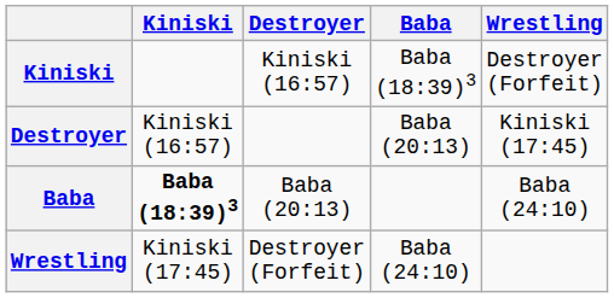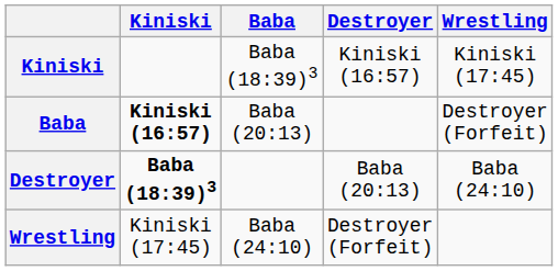 <table class="wikitable" style="margin: 1em auto 1em auto; text-align:center;">
 <tr>
 <th></th>
 <th><a href='#'>Kiniski</a></th>
+<th><a href='#'>Baba</a></th>
 <th><a href='#'>Destroyer</a></th>
-<th><a href='#'>Baba</a></th>
 <th><a href='#'>Wrestling</a></th>
 </tr>
 <tr>
 <th><a href='#'>Kiniski</a></th>
 <td></td>
+<td>Baba<br>(18:39)<sup>3</sup></td>
 <td>Kiniski<br>(16:57)</td>
-<td>Baba<br>(18:39)<sup>3</sup></td>
+<td>Kiniski<br>(17:45)</td>
+</tr>
+<tr>
+<th><a href='#'>Baba</a></th>
+<td><strong>Kiniski<br>(16:57)</strong></td>
+<td>Baba<br>(20:13)</td>
+<td></td>
 <td>Destroyer<br>(Forfeit)</td>
 </tr>
 <tr>
 <th><a href='#'>Destroyer</a></th>
-<td>Kiniski<br>(16:57)</td>
+<td><strong>Baba<br>(18:39)<sup>3</sup></strong></td>
 <td></td>
 <td>Baba<br>(20:13)</td>
-<td>Kiniski<br>(17:45)</td>
-</tr>
-<tr>
-<th><a href='#'>Baba</a></th>
-<td><strong>Baba<br>(18:39)<sup>3</sup></strong></td>
-<td>Baba<br>(20:13)</td>
-<td></td>
 <td>Baba<br>(24:10)</td>
 </tr>
 <tr>
 <th><a href='#'>Wrestling</a></th>
 <td>Kiniski<br>(17:45)</td>
+<td>Baba<br>(24:10)</td>
 <td>Destroyer<br>(Forfeit)</td>
-<td>Baba<br>(24:10)</td>
 <td></td>
 </tr>
 </table>
